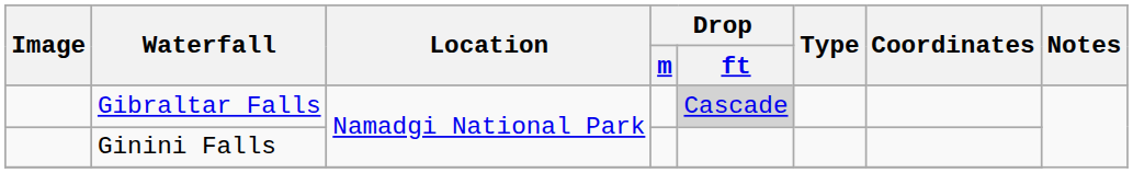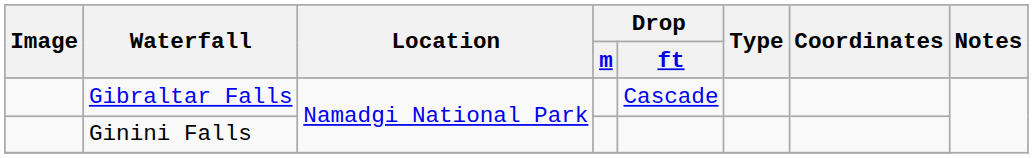 <table class="wikitable sortable">
 <tr style="background:#efefef;">
 <th rowspan=2>Image</th>
 <th rowspan=2>Waterfall</th>
 <th rowspan=2>Location</th>
 <th colspan=2>Drop</th>
 <th rowspan=2>Type</th>
 <th rowspan=2>Coordinates</th>
 <th rowspan=2>Notes</th>
 </tr>
 <tr>
 <th><a href='#'>m</a></th>
 <th><a href='#'>ft</a></th>
 </tr>
 <tr>
 <td></td>
 <td><a href='#'>Gibraltar Falls</a></td>
 <td rowspan=2><a href='#'>Namadgi National Park</a></td>
 <td></td>
-<td style="background: lightgrey;"><a href='#'>Cascade</a></td>
+<td><a href='#'>Cascade</a></td>
 <td align=center></td>
 <td></td>
 </tr>
 <tr>
 <td></td>
 <td>Ginini Falls</td>
 <td></td>
 <td></td>
 <td align=center></td>
 <td></td>
 </tr>
 <tr>
 </tr>
 </table>
